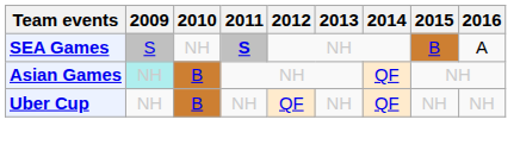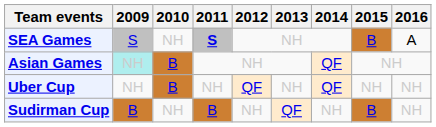 <table class="wikitable" style="font-size: 90%; text-align:center">
 <tr>
 <th>Team events</th>
 <th>2009</th>
 <th>2010</th>
 <th>2011</th>
 <th>2012</th>
 <th>2013</th>
 <th>2014</th>
 <th>2015</th>
 <th>2016</th>
 </tr>
 <tr>
 <td bgcolor="#ECF2FF"; align="left"><strong><a href='#'>SEA Games</a></strong></td>
 <td bgcolor=silver><a href='#'>S</a></td>
 <td style="color:#ccc;">NH</td>
 <td bgcolor=silver><strong><a href='#'>S</a></strong></td>
 <td colspan="3" style=color:#ccc>NH</td>
 <td bgcolor=CD7F32><a href='#'>B</a></td>
 <td>A</td>
 </tr>
 <tr>
 <td bgcolor="#ECF2FF"; align="left"><strong><a href='#'>Asian Games</a></strong></td>
 <td style="background: paleturquoise; color:#ccc;">NH</td>
 <td bgcolor=CD7F32><a href='#'>B</a></td>
 <td colspan="3" style="color:#ccc;">NH</td>
 <td bgcolor=FFEBCD><a href='#'>QF</a></td>
 <td colspan="2" style="color:#ccc;">NH</td>
 </tr>
 <tr>
 <td bgcolor="#ECF2FF"; align="left"><strong><a href='#'>Uber Cup</a></strong></td>
 <td style="color:#ccc;">NH</td>
 <td bgcolor=CD7F32><a href='#'>B</a></td>
 <td style="color:#ccc;">NH</td>
 <td bgcolor=FFEBCD><a href='#'>QF</a></td>
 <td style="color:#ccc;">NH</td>
 <td bgcolor=FFEBCD><a href='#'>QF</a></td>
 <td style="color:#ccc;">NH</td>
 <td style="color:#ccc;">NH</td>
 </tr>
+<tr>
+<td bgcolor="#ECF2FF"; align="left"><strong><a href='#'>Sudirman Cup</a></strong></td>
+<td bgcolor=CD7F32><a href='#'>B</a></td>
+<td style="color:#ccc;">NH</td>
+<td bgcolor=CD7F32><a href='#'>B</a></td>
+<td style="color:#ccc;">NH</td>
+<td bgcolor=FFEBCD><a href='#'>QF</a></td>
+<td style="color:#ccc;">NH</td>
+<td bgcolor=CD7F32><a href='#'>B</a></td>
+<td style="color:#ccc;">NH</td>
+</tr>
 </table>
